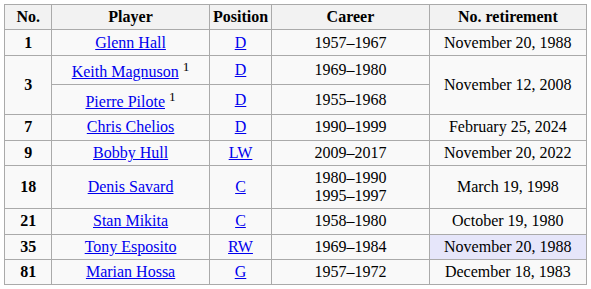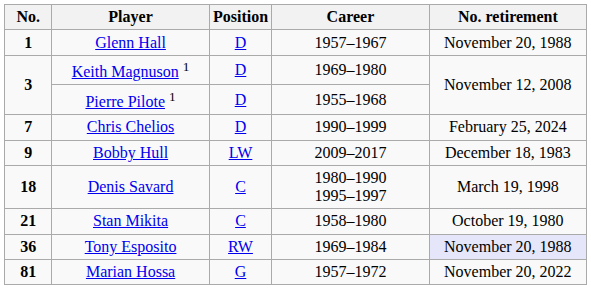 <table class="wikitable" style="text-align:center">
 <tr>
 <th style="width:40px;">No.</th>
 <th style="width:150px;">Player</th>
 <th style="width:40px;">Position</th>
 <th style="width:150px;">Career</th>
 <th style="width:150px;">No. retirement</th>
 </tr>
 <tr>
 <td><strong>1</strong></td>
 <td><a href='#'>Glenn Hall</a></td>
 <td><a href='#'>D</a></td>
 <td>1957–1967</td>
 <td>November 20, 1988</td>
 </tr>
 <tr>
 <td rowspan="2"><strong>3</strong></td>
 <td><a href='#'>Keith Magnuson</a> <sup>1</sup></td>
 <td><a href='#'>D</a></td>
 <td>1969–1980</td>
 <td rowspan="2">November 12, 2008</td>
 </tr>
 <tr>
 <td><a href='#'>Pierre Pilote</a> <sup>1</sup></td>
 <td><a href='#'>D</a></td>
 <td>1955–1968</td>
 </tr>
 <tr>
 <td><strong>7</strong></td>
 <td><a href='#'>Chris Chelios</a></td>
 <td><a href='#'>D</a></td>
 <td>1990–1999</td>
 <td>February 25, 2024</td>
 </tr>
 <tr>
 <td><strong>9</strong></td>
 <td><a href='#'>Bobby Hull</a></td>
 <td><a href='#'>LW</a></td>
 <td>2009–2017</td>
-<td>November 20, 2022</td>
+<td>December 18, 1983</td>
 </tr>
 <tr>
 <td><strong>18</strong></td>
 <td><a href='#'>Denis Savard</a></td>
 <td><a href='#'>C</a></td>
 <td>1980–1990<br>1995–1997</td>
 <td>March 19, 1998</td>
 </tr>
 <tr>
 <td><strong>21</strong></td>
 <td><a href='#'>Stan Mikita</a></td>
 <td><a href='#'>C</a></td>
 <td>1958–1980</td>
 <td>October 19, 1980</td>
 </tr>
 <tr>
-<td><strong>35</strong></td>
+<td><strong>36</strong></td>
 <td><a href='#'>Tony Esposito</a></td>
 <td><a href='#'>RW</a></td>
 <td>1969–1984</td>
 <td style="background: lavender;">November 20, 1988</td>
 </tr>
 <tr>
 <td><strong>81</strong></td>
 <td><a href='#'>Marian Hossa</a></td>
 <td><a href='#'>G</a></td>
 <td>1957–1972</td>
-<td>December 18, 1983</td>
+<td>November 20, 2022</td>
 </tr>
 </table>
